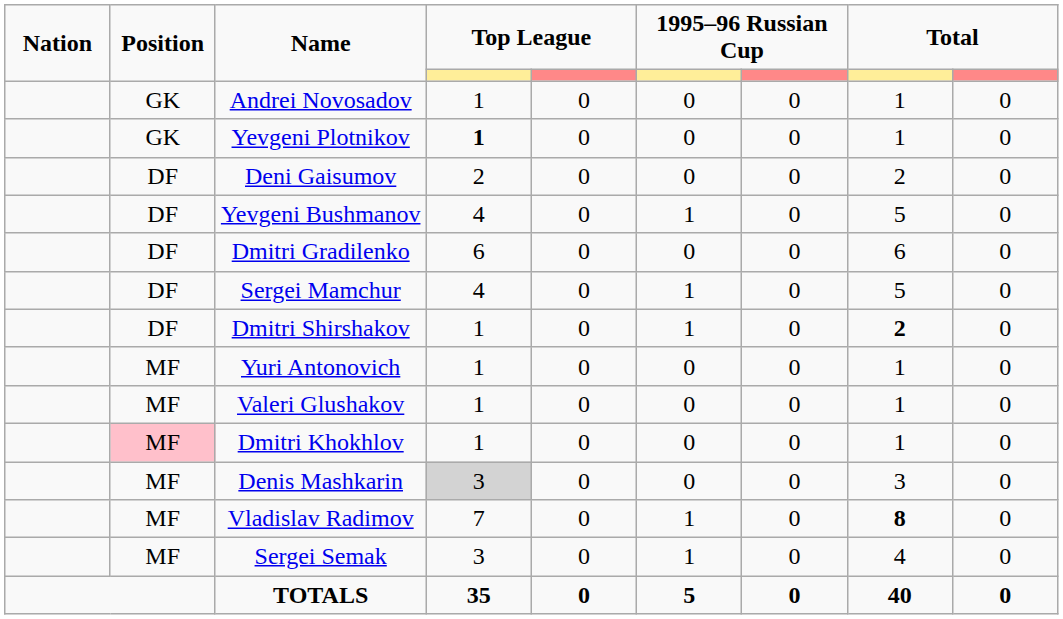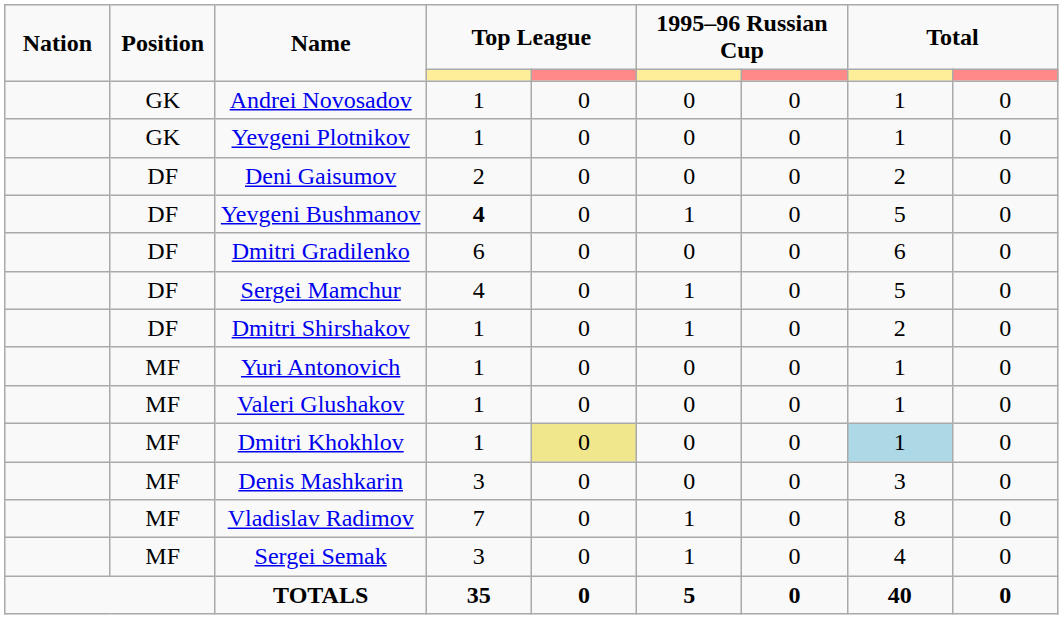 <table class="wikitable" style="font-size: 100%; text-align: center;">
 <tr>
 <td rowspan="2" width="10%" align="center"><strong>Nation</strong></td>
 <td rowspan="2" width="10%" align="center"><strong>Position</strong></td>
 <td rowspan="2" width="20%" align="center"><strong>Name</strong></td>
 <td colspan="2" align="center"><strong>Top League</strong></td>
 <td colspan="2" align="center"><strong>1995–96 Russian Cup</strong></td>
 <td colspan="2" align="center"><strong>Total</strong></td>
 </tr>
 <tr>
 <th width=60 style="background: #FFEE99"></th>
 <th width=60 style="background: #FF8888"></th>
 <th width=60 style="background: #FFEE99"></th>
 <th width=60 style="background: #FF8888"></th>
 <th width=60 style="background: #FFEE99"></th>
 <th width=60 style="background: #FF8888"></th>
 </tr>
 <tr>
 <td></td>
 <td>GK</td>
 <td><a href='#'>Andrei Novosadov</a></td>
 <td>1</td>
 <td>0</td>
 <td>0</td>
 <td>0</td>
 <td>1</td>
 <td>0</td>
 </tr>
 <tr>
 <td></td>
 <td>GK</td>
 <td><a href='#'>Yevgeni Plotnikov</a></td>
-<td><strong>1</strong></td>
+<td>1</td>
 <td>0</td>
 <td>0</td>
 <td>0</td>
 <td>1</td>
 <td>0</td>
 </tr>
 <tr>
 <td></td>
 <td>DF</td>
 <td><a href='#'>Deni Gaisumov</a></td>
 <td>2</td>
 <td>0</td>
 <td>0</td>
 <td>0</td>
 <td>2</td>
 <td>0</td>
 </tr>
 <tr>
 <td></td>
 <td>DF</td>
 <td><a href='#'>Yevgeni Bushmanov</a></td>
-<td>4</td>
+<td><strong>4</strong></td>
 <td>0</td>
 <td>1</td>
 <td>0</td>
 <td>5</td>
 <td>0</td>
 </tr>
 <tr>
 <td></td>
 <td>DF</td>
 <td><a href='#'>Dmitri Gradilenko</a></td>
 <td>6</td>
 <td>0</td>
 <td>0</td>
 <td>0</td>
 <td>6</td>
 <td>0</td>
 </tr>
 <tr>
 <td></td>
 <td>DF</td>
 <td><a href='#'>Sergei Mamchur</a></td>
 <td>4</td>
 <td>0</td>
 <td>1</td>
 <td>0</td>
 <td>5</td>
 <td>0</td>
 </tr>
 <tr>
 <td></td>
 <td>DF</td>
 <td><a href='#'>Dmitri Shirshakov</a></td>
 <td>1</td>
 <td>0</td>
 <td>1</td>
 <td>0</td>
-<td><strong>2</strong></td>
+<td>2</td>
 <td>0</td>
 </tr>
 <tr>
 <td></td>
 <td>MF</td>
 <td><a href='#'>Yuri Antonovich</a></td>
 <td>1</td>
 <td>0</td>
 <td>0</td>
 <td>0</td>
 <td>1</td>
 <td>0</td>
 </tr>
 <tr>
 <td></td>
 <td>MF</td>
 <td><a href='#'>Valeri Glushakov</a></td>
 <td>1</td>
 <td>0</td>
 <td>0</td>
 <td>0</td>
 <td>1</td>
 <td>0</td>
 </tr>
 <tr>
 <td></td>
-<td style="background: pink;">MF</td>
+<td>MF</td>
 <td><a href='#'>Dmitri Khokhlov</a></td>
 <td>1</td>
+<td style="background: khaki;">0</td>
 <td>0</td>
 <td>0</td>
-<td>0</td>
-<td>1</td>
+<td style="background: lightblue;">1</td>
 <td>0</td>
 </tr>
 <tr>
 <td></td>
 <td>MF</td>
 <td><a href='#'>Denis Mashkarin</a></td>
-<td style="background: lightgrey;">3</td>
+<td>3</td>
 <td>0</td>
 <td>0</td>
 <td>0</td>
 <td>3</td>
 <td>0</td>
 </tr>
 <tr>
 <td></td>
 <td>MF</td>
 <td><a href='#'>Vladislav Radimov</a></td>
 <td>7</td>
 <td>0</td>
 <td>1</td>
 <td>0</td>
-<td><strong>8</strong></td>
+<td>8</td>
 <td>0</td>
 </tr>
 <tr>
 <td></td>
 <td>MF</td>
 <td><a href='#'>Sergei Semak</a></td>
 <td>3</td>
 <td>0</td>
 <td>1</td>
 <td>0</td>
 <td>4</td>
 <td>0</td>
 </tr>
 <tr>
 <td colspan="2"></td>
 <td><strong>TOTALS</strong></td>
 <td><strong>35</strong></td>
 <td><strong>0</strong></td>
 <td><strong>5</strong></td>
 <td><strong>0</strong></td>
 <td><strong>40</strong></td>
 <td><strong>0</strong></td>
 </tr>
 </table>
